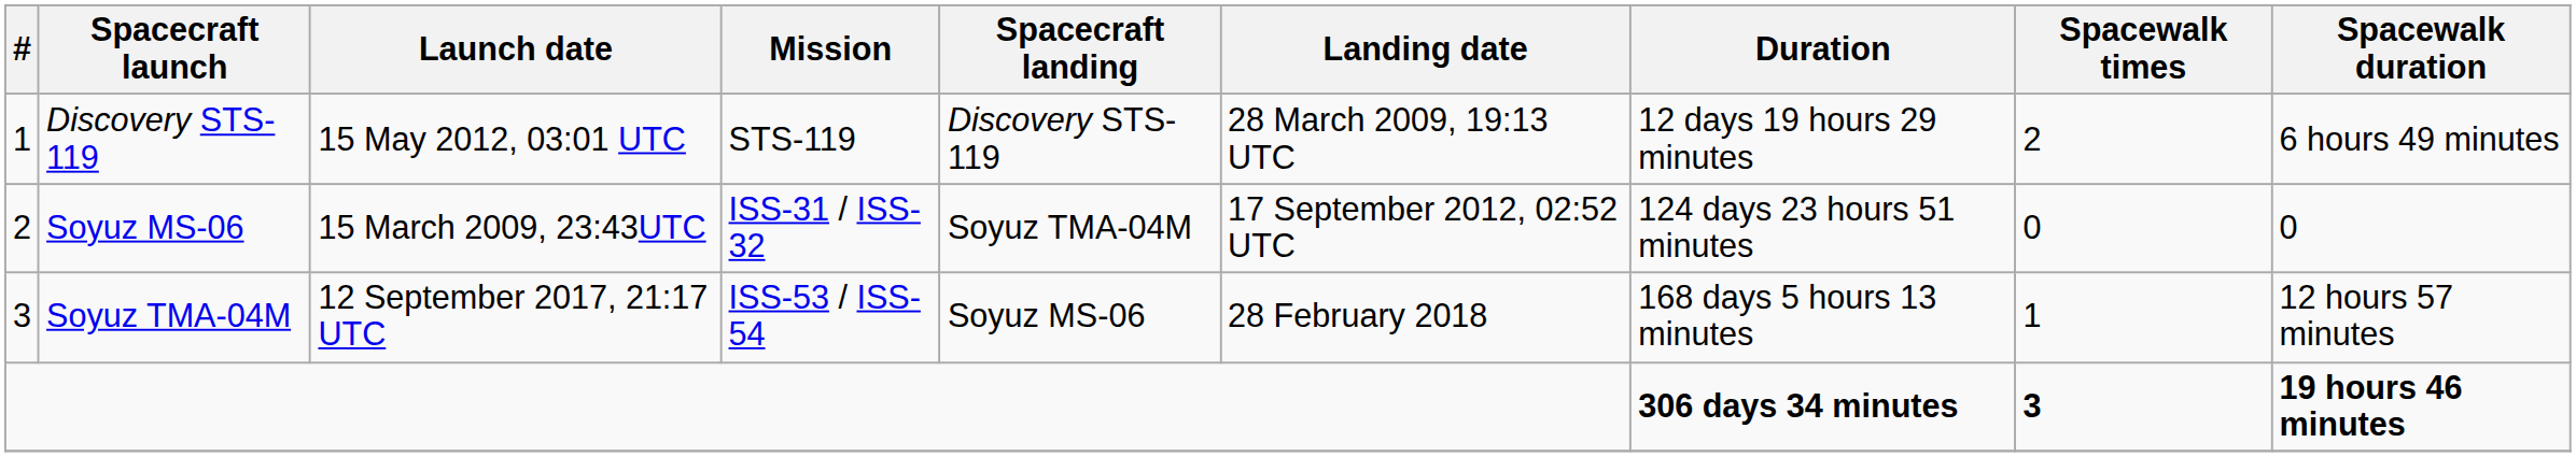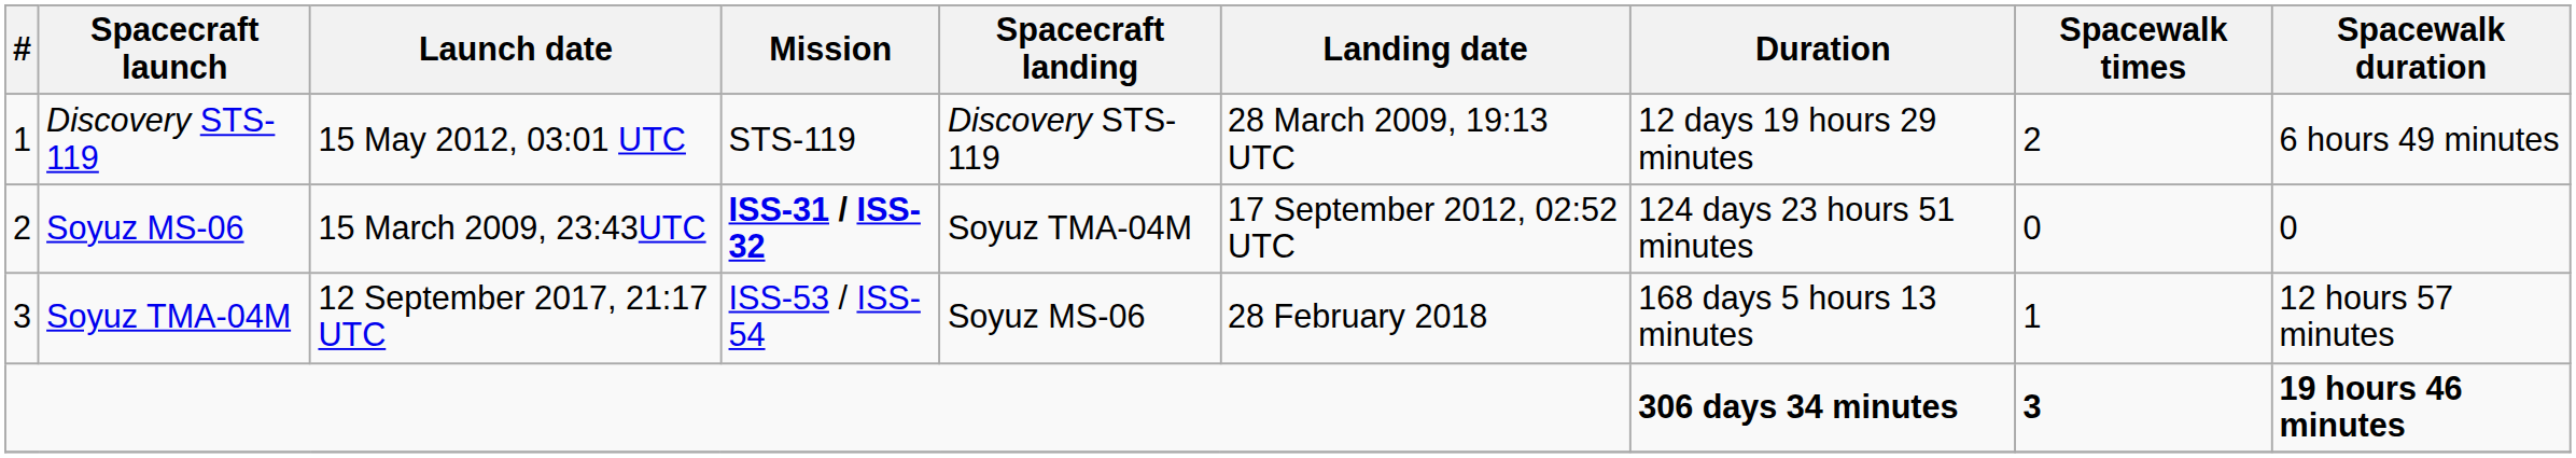 <table class="wikitable">
 <tr>
 <th>#</th>
 <th>Spacecraft launch</th>
 <th>Launch date</th>
 <th>Mission</th>
 <th>Spacecraft landing</th>
 <th>Landing date</th>
 <th>Duration</th>
 <th>Spacewalk times</th>
 <th>Spacewalk duration</th>
 </tr>
 <tr>
 <td>1</td>
 <td><em>Discovery</em> <a href='#'>STS-119</a></td>
 <td>15 May 2012, 03:01 <a href='#'>UTC</a></td>
 <td>STS-119</td>
 <td><em>Discovery</em> STS-119</td>
 <td>28 March 2009, 19:13 UTC</td>
 <td>12 days 19 hours 29 minutes</td>
 <td>2</td>
 <td>6 hours 49 minutes</td>
 </tr>
 <tr>
 <td>2</td>
 <td><a href='#'>Soyuz MS-06</a></td>
 <td>15 March 2009, 23:43<a href='#'>UTC</a></td>
-<td><a href='#'>ISS-31</a> / <a href='#'>ISS-32</a></td>
+<td><strong><a href='#'>ISS-31</a> / <a href='#'>ISS-32</a></strong></td>
 <td>Soyuz TMA-04M</td>
 <td>17 September 2012, 02:52 UTC</td>
 <td>124 days 23 hours 51 minutes</td>
 <td>0</td>
 <td>0</td>
 </tr>
 <tr>
 <td>3</td>
 <td><a href='#'>Soyuz TMA-04M</a></td>
 <td>12 September 2017, 21:17 <a href='#'>UTC</a></td>
 <td><a href='#'>ISS-53</a> / <a href='#'>ISS-54</a></td>
 <td>Soyuz MS-06</td>
 <td>28 February 2018</td>
 <td>168 days 5 hours 13 minutes</td>
 <td>1</td>
 <td>12 hours 57 minutes</td>
 </tr>
 <tr>
 <td colspan=6></td>
 <td><strong>306 days 34 minutes</strong></td>
 <td><strong>3</strong></td>
 <td><strong>19 hours 46 minutes</strong></td>
 </tr>
 <tr>
 </tr>
 </table>
